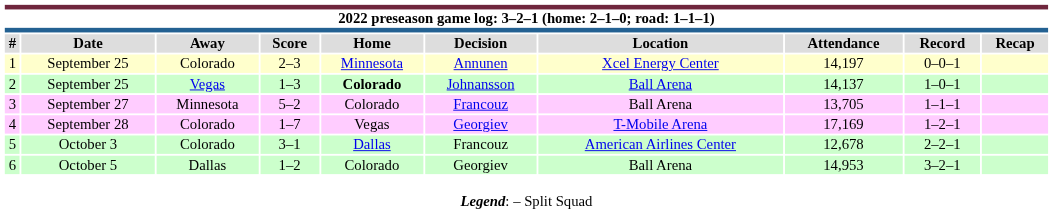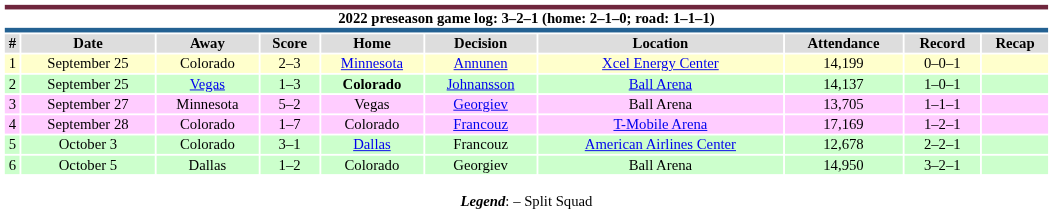 <table class="toccolours collapsible collapsed" style="width:90%; clear:both; margin:1.5em auto; text-align:center;">
 <tr>
 <th colspan=10 style="background:#FFFFFF; border-top:#6F263D 5px solid; border-bottom:#236192 5px solid;">2022 preseason game log: 3–2–1 (home: 2–1–0; road: 1–1–1)</th>
 </tr>
 <tr style="background:#ddd;">
 <th>#</th>
 <th>Date</th>
 <th>Away</th>
 <th>Score</th>
 <th>Home</th>
 <th>Decision</th>
 <th>Location</th>
 <th>Attendance</th>
 <th>Record</th>
 <th>Recap</th>
 </tr>
 <tr style="background:#ffc;">
 <td>1</td>
 <td>September 25</td>
 <td>Colorado</td>
 <td>2–3 </td>
 <td><a href='#'>Minnesota</a></td>
 <td><a href='#'>Annunen</a></td>
 <td><a href='#'>Xcel Energy Center</a></td>
-<td>14,197</td>
+<td>14,199</td>
 <td>0–0–1</td>
 <td></td>
 </tr>
 <tr style="background:#cfc;">
 <td>2</td>
 <td>September 25</td>
 <td><a href='#'>Vegas</a></td>
 <td>1–3</td>
 <td><strong>Colorado</strong></td>
 <td><a href='#'>Johnansson</a></td>
 <td><a href='#'>Ball Arena</a></td>
 <td>14,137</td>
 <td>1–0–1</td>
 <td></td>
 </tr>
 <tr style="background:#fcf;">
 <td>3</td>
 <td>September 27</td>
 <td>Minnesota</td>
 <td>5–2</td>
-<td>Colorado</td>
-<td><a href='#'>Francouz</a></td>
+<td>Vegas</td>
+<td><a href='#'>Georgiev</a></td>
 <td>Ball Arena</td>
 <td>13,705</td>
 <td>1–1–1</td>
 <td></td>
 </tr>
 <tr style="background:#fcf;">
 <td>4</td>
 <td>September 28</td>
 <td>Colorado</td>
 <td>1–7</td>
-<td>Vegas</td>
-<td><a href='#'>Georgiev</a></td>
+<td>Colorado</td>
+<td><a href='#'>Francouz</a></td>
 <td><a href='#'>T-Mobile Arena</a></td>
 <td>17,169</td>
 <td>1–2–1</td>
 <td></td>
 </tr>
 <tr style="background:#cfc;">
 <td>5</td>
 <td>October 3</td>
 <td>Colorado</td>
 <td>3–1</td>
 <td><a href='#'>Dallas</a></td>
 <td>Francouz</td>
 <td><a href='#'>American Airlines Center</a></td>
 <td>12,678</td>
 <td>2–2–1</td>
 <td></td>
 </tr>
 <tr style="background:#cfc;">
 <td>6</td>
 <td>October 5</td>
 <td>Dallas</td>
 <td>1–2</td>
 <td>Colorado</td>
 <td>Georgiev</td>
 <td>Ball Arena</td>
-<td>14,953</td>
+<td>14,950</td>
 <td>3–2–1</td>
 <td></td>
 </tr>
 <tr>
 <td colspan="11" style="text-align:center;"><br><strong><em>Legend</em></strong>:     – Split Squad</td>
 </tr>
 </table>
